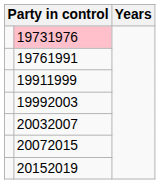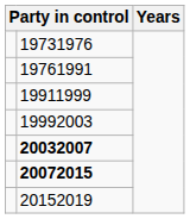 <table class="wikitable">
 <tr>
 <th colspan="2">Party in control</th>
 <th>Years</th>
 </tr>
 <tr>
 <td></td>
-<td style="background: pink;">19731976</td>
+<td>19731976</td>
 </tr>
 <tr>
 <td></td>
 <td>19761991</td>
 </tr>
 <tr>
 <td></td>
 <td>19911999</td>
 </tr>
 <tr>
 <td></td>
 <td>19992003</td>
 </tr>
 <tr>
 <td></td>
-<td>20032007</td>
+<td><strong>20032007</strong></td>
 </tr>
 <tr>
 <td></td>
-<td>20072015</td>
+<td><strong>20072015</strong></td>
 </tr>
 <tr>
 <td></td>
 <td>20152019</td>
 </tr>
 </table>
